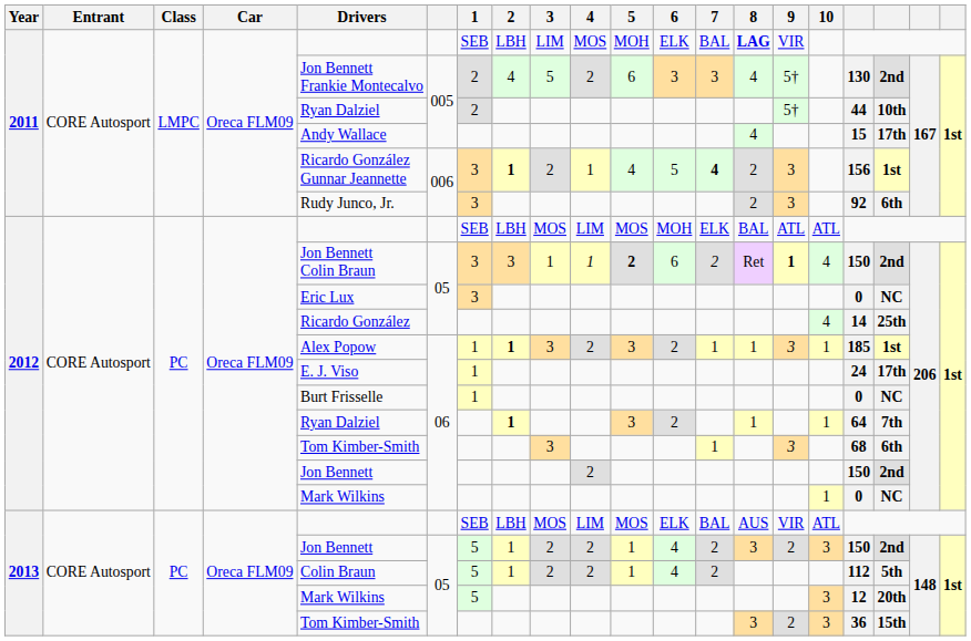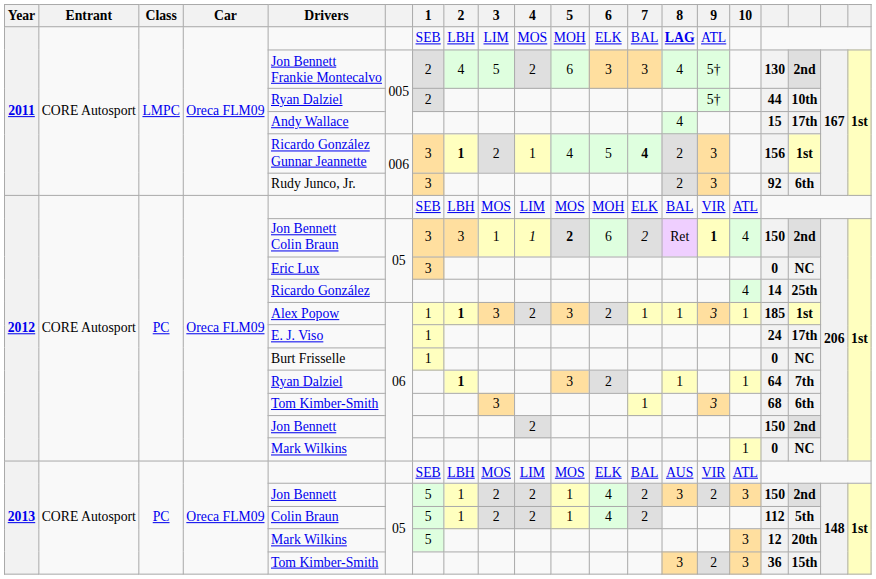 <table class="wikitable" style="text-align:center; font-size:85%">
 <tr>
 <th>Year</th>
 <th>Entrant</th>
 <th>Class</th>
 <th>Car</th>
 <th>Drivers</th>
 <th></th>
 <th>1</th>
 <th>2</th>
 <th>3</th>
 <th>4</th>
 <th>5</th>
 <th>6</th>
 <th>7</th>
 <th>8</th>
 <th>9</th>
 <th>10</th>
 <th></th>
 <th></th>
 <th></th>
 <th></th>
 </tr>
 <tr>
 <th rowspan=6><a href='#'>2011</a></th>
 <td rowspan=6 align="left"> CORE Autosport</td>
 <td rowspan=6><a href='#'>LMPC</a></td>
 <td rowspan=6 align="left"><a href='#'>Oreca FLM09</a></td>
 <td></td>
 <td></td>
 <td><a href='#'>SEB</a></td>
 <td><a href='#'>LBH</a></td>
 <td><a href='#'>LIM</a></td>
 <td><a href='#'>MOS</a></td>
 <td><a href='#'>MOH</a></td>
 <td><a href='#'>ELK</a></td>
 <td><a href='#'>BAL</a></td>
 <td><strong><a href='#'>LAG</a></strong></td>
-<td><a href='#'>VIR</a></td>
+<td><a href='#'>ATL</a></td>
 <td></td>
 <td colspan=4></td>
 </tr>
 <tr>
 <td align="left"> <a href='#'>Jon Bennett</a><br> <a href='#'>Frankie Montecalvo</a></td>
 <td rowspan=3>005</td>
 <td style="background:#DFDFDF;">2</td>
 <td style="background:#DFFFDF;">4</td>
 <td style="background:#DFFFDF;">5</td>
 <td style="background:#DFDFDF;">2</td>
 <td style="background:#DFFFDF;">6</td>
 <td style="background:#FFDF9F;">3</td>
 <td style="background:#FFDF9F;">3</td>
 <td style="background:#DFFFDF;">4</td>
 <td style="background:#DFFFDF;">5†</td>
 <td></td>
 <th>130</th>
 <th style="background:#DFDFDF;">2nd</th>
 <th rowspan=5>167</th>
 <th rowspan=5 style="background:#FFFFBF;">1st</th>
 </tr>
 <tr>
 <td align="left"> <a href='#'>Ryan Dalziel</a></td>
 <td style="background:#DFDFDF;">2</td>
 <td></td>
 <td></td>
 <td></td>
 <td></td>
 <td></td>
 <td></td>
 <td></td>
 <td style="background:#DFFFDF;">5†</td>
 <td></td>
 <th>44</th>
 <th>10th</th>
 </tr>
 <tr>
 <td align="left"> <a href='#'>Andy Wallace</a></td>
 <td></td>
 <td></td>
 <td></td>
 <td></td>
 <td></td>
 <td></td>
 <td></td>
 <td style="background:#DFFFDF;">4</td>
 <td></td>
 <td></td>
 <th>15</th>
 <th>17th</th>
 </tr>
 <tr>
 <td align="left"> <a href='#'>Ricardo González</a><br> <a href='#'>Gunnar Jeannette</a></td>
 <td rowspan=2>006</td>
 <td style="background:#FFDF9F;">3</td>
 <td style="background:#FFFFBF;"><strong>1</strong></td>
 <td style="background:#DFDFDF;">2</td>
 <td style="background:#FFFFBF;">1</td>
 <td style="background:#DFFFDF;">4</td>
 <td style="background:#DFFFDF;">5</td>
 <td style="background:#DFFFDF;"><strong>4</strong></td>
 <td style="background:#DFDFDF;">2</td>
 <td style="background:#FFDF9F;">3</td>
 <td></td>
 <th>156</th>
 <th style="background:#FFFFBF;">1st</th>
 </tr>
 <tr>
 <td align="left"> Rudy Junco, Jr.</td>
 <td style="background:#FFDF9F;">3</td>
 <td></td>
 <td></td>
 <td></td>
 <td></td>
 <td></td>
 <td></td>
 <td style="background:#DFDFDF;">2</td>
 <td style="background:#FFDF9F;">3</td>
 <td></td>
 <th>92</th>
 <th>6th</th>
 </tr>
 <tr>
 <th rowspan=11><a href='#'>2012</a></th>
 <td rowspan=11 align="left"> CORE Autosport</td>
 <td rowspan=11><a href='#'>PC</a></td>
 <td rowspan=11 align="left"><a href='#'>Oreca FLM09</a></td>
 <td></td>
 <td></td>
 <td><a href='#'>SEB</a></td>
 <td><a href='#'>LBH</a></td>
 <td><a href='#'>MOS</a></td>
 <td><a href='#'>LIM</a></td>
 <td><a href='#'>MOS</a></td>
 <td><a href='#'>MOH</a></td>
 <td><a href='#'>ELK</a></td>
 <td><a href='#'>BAL</a></td>
-<td><a href='#'>ATL</a></td>
+<td><a href='#'>VIR</a></td>
 <td><a href='#'>ATL</a></td>
 <td colspan=4></td>
 </tr>
 <tr>
 <td align="left"> <a href='#'>Jon Bennett</a><br> <a href='#'>Colin Braun</a></td>
 <td rowspan=3>05</td>
 <td style="background:#FFDF9F;">3</td>
 <td style="background:#FFDF9F;">3</td>
 <td style="background:#FFFFBF;">1</td>
 <td style="background:#FFFFBF;"><em>1</em></td>
 <td style="background:#DFDFDF;"><strong>2</strong></td>
 <td style="background:#DFFFDF;">6</td>
 <td style="background:#DFDFDF;"><em>2</em></td>
 <td style="background:#EFCFFF;">Ret</td>
 <td style="background:#FFFFBF;"><strong>1</strong></td>
 <td style="background:#DFFFDF;">4</td>
 <th>150</th>
 <th style="background:#DFDFDF;">2nd</th>
 <th rowspan=10>206</th>
 <th rowspan=10 style="background:#FFFFBF;">1st</th>
 </tr>
 <tr>
 <td align="left"> <a href='#'>Eric Lux</a></td>
 <td style="background:#FFDF9F;">3</td>
 <td></td>
 <td></td>
 <td></td>
 <td></td>
 <td></td>
 <td></td>
 <td></td>
 <td></td>
 <td></td>
 <th>0</th>
 <th>NC</th>
 </tr>
 <tr>
 <td align="left"> <a href='#'>Ricardo González</a></td>
 <td></td>
 <td></td>
 <td></td>
 <td></td>
 <td></td>
 <td></td>
 <td></td>
 <td></td>
 <td></td>
 <td style="background:#DFFFDF;">4</td>
 <th>14</th>
 <th>25th</th>
 </tr>
 <tr>
 <td align="left"> <a href='#'>Alex Popow</a></td>
 <td rowspan=7>06</td>
 <td style="background:#FFFFBF;">1</td>
 <td style="background:#FFFFBF;"><strong>1</strong></td>
 <td style="background:#FFDF9F;">3</td>
 <td style="background:#DFDFDF;">2</td>
 <td style="background:#FFDF9F;">3</td>
 <td style="background:#DFDFDF;">2</td>
 <td style="background:#FFFFBF;">1</td>
 <td style="background:#FFFFBF;">1</td>
 <td style="background:#FFDF9F;"><em>3</em></td>
 <td style="background:#FFFFBF;">1</td>
 <th>185</th>
 <th style="background:#FFFFBF;">1st</th>
 </tr>
 <tr>
 <td align="left"> <a href='#'>E. J. Viso</a></td>
 <td style="background:#FFFFBF;">1</td>
 <td></td>
 <td></td>
 <td></td>
 <td></td>
 <td></td>
 <td></td>
 <td></td>
 <td></td>
 <td></td>
 <th>24</th>
 <th>17th</th>
 </tr>
 <tr>
 <td align="left"> Burt Frisselle</td>
 <td style="background:#FFFFBF;">1</td>
 <td></td>
 <td></td>
 <td></td>
 <td></td>
 <td></td>
 <td></td>
 <td></td>
 <td></td>
 <td></td>
 <th>0</th>
 <th>NC</th>
 </tr>
 <tr>
 <td align="left"> <a href='#'>Ryan Dalziel</a></td>
 <td></td>
 <td style="background:#FFFFBF;"><strong>1</strong></td>
 <td></td>
 <td></td>
 <td style="background:#FFDF9F;">3</td>
 <td style="background:#DFDFDF;">2</td>
 <td></td>
 <td style="background:#FFFFBF;">1</td>
 <td></td>
 <td style="background:#FFFFBF;">1</td>
 <th>64</th>
 <th>7th</th>
 </tr>
 <tr>
 <td align="left"> <a href='#'>Tom Kimber-Smith</a></td>
 <td></td>
 <td></td>
 <td style="background:#FFDF9F;">3</td>
 <td></td>
 <td></td>
 <td></td>
 <td style="background:#FFFFBF;">1</td>
 <td></td>
 <td style="background:#FFDF9F;"><em>3</em></td>
 <td></td>
 <th>68</th>
 <th>6th</th>
 </tr>
 <tr>
 <td align="left"> <a href='#'>Jon Bennett</a></td>
 <td></td>
 <td></td>
 <td></td>
 <td style="background:#DFDFDF;">2</td>
 <td></td>
 <td></td>
 <td></td>
 <td></td>
 <td></td>
 <td></td>
 <th>150</th>
 <th style="background:#DFDFDF;">2nd</th>
 </tr>
 <tr>
 <td align="left"> <a href='#'>Mark Wilkins</a></td>
 <td></td>
 <td></td>
 <td></td>
 <td></td>
 <td></td>
 <td></td>
 <td></td>
 <td></td>
 <td></td>
 <td style="background:#FFFFBF;">1</td>
 <th>0</th>
 <th>NC</th>
 </tr>
 <tr>
 <th rowspan=11><a href='#'>2013</a></th>
 <td rowspan=11 align="left"> CORE Autosport</td>
 <td rowspan=11><a href='#'>PC</a></td>
 <td rowspan=11 align="left"><a href='#'>Oreca FLM09</a></td>
 <td></td>
 <td></td>
 <td><a href='#'>SEB</a></td>
 <td><a href='#'>LBH</a></td>
 <td><a href='#'>MOS</a></td>
 <td><a href='#'>LIM</a></td>
 <td><a href='#'>MOS</a></td>
 <td><a href='#'>ELK</a></td>
 <td><a href='#'>BAL</a></td>
 <td><a href='#'>AUS</a></td>
 <td><a href='#'>VIR</a></td>
 <td><a href='#'>ATL</a></td>
 <td colspan=4></td>
 </tr>
 <tr>
 <td align="left"> <a href='#'>Jon Bennett</a></td>
 <td rowspan=4>05</td>
 <td style="background:#DFFFDF;">5</td>
 <td style="background:#FFFFBF;">1</td>
 <td style="background:#DFDFDF;">2</td>
 <td style="background:#DFDFDF;">2</td>
 <td style="background:#FFFFBF;">1</td>
 <td style="background:#DFFFDF;">4</td>
 <td style="background:#DFDFDF;">2</td>
 <td style="background:#FFDF9F;">3</td>
 <td style="background:#DFDFDF;">2</td>
 <td style="background:#FFDF9F;">3</td>
 <th>150</th>
 <th style="background:#DFDFDF;">2nd</th>
 <th rowspan=4>148</th>
 <th rowspan=4 style="background:#FFFFBF;">1st</th>
 </tr>
 <tr>
 <td align="left"> <a href='#'>Colin Braun</a></td>
 <td style="background:#DFFFDF;">5</td>
 <td style="background:#FFFFBF;">1</td>
 <td style="background:#DFDFDF;">2</td>
 <td style="background:#DFDFDF;">2</td>
 <td style="background:#FFFFBF;">1</td>
 <td style="background:#DFFFDF;">4</td>
 <td style="background:#DFDFDF;">2</td>
 <td></td>
 <td></td>
 <td></td>
 <th>112</th>
 <th>5th</th>
 </tr>
 <tr>
 <td align="left"> <a href='#'>Mark Wilkins</a></td>
 <td style="background:#DFFFDF;">5</td>
 <td></td>
 <td></td>
 <td></td>
 <td></td>
 <td></td>
 <td></td>
 <td></td>
 <td></td>
 <td style="background:#FFDF9F;">3</td>
 <th>12</th>
 <th>20th</th>
 </tr>
 <tr>
 <td align="left"> <a href='#'>Tom Kimber-Smith</a></td>
 <td></td>
 <td></td>
 <td></td>
 <td></td>
 <td></td>
 <td></td>
 <td></td>
 <td style="background:#FFDF9F;">3</td>
 <td style="background:#DFDFDF;">2</td>
 <td style="background:#FFDF9F;">3</td>
 <th>36</th>
 <th>15th</th>
 </tr>
 </table>
